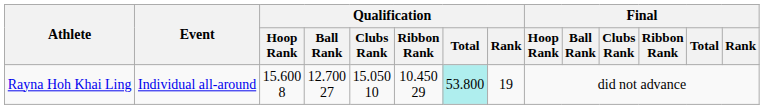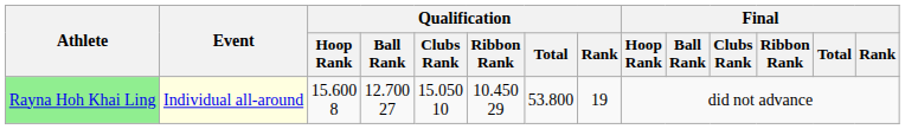 <table class=wikitable style="font-size:90%">
 <tr>
 <th rowspan=2>Athlete</th>
 <th rowspan=2>Event</th>
 <th colspan=6>Qualification</th>
 <th colspan=6>Final</th>
 </tr>
 <tr style="font-size:95%">
 <th>Hoop<br>Rank</th>
 <th>Ball<br>Rank</th>
 <th>Clubs<br>Rank</th>
 <th>Ribbon<br>Rank</th>
 <th>Total</th>
 <th>Rank</th>
 <th>Hoop<br>Rank</th>
 <th>Ball<br>Rank</th>
 <th>Clubs<br>Rank</th>
 <th>Ribbon<br>Rank</th>
 <th>Total</th>
 <th>Rank</th>
 </tr>
 <tr align=center>
-<td align=left><a href='#'>Rayna Hoh Khai Ling</a></td>
-<td align=left><a href='#'>Individual all-around</a></td>
+<td align=left style="background: lightgreen;"><a href='#'>Rayna Hoh Khai Ling</a></td>
+<td align=left style="background: lightyellow;"><a href='#'>Individual all-around</a></td>
 <td>15.600<br>8</td>
 <td>12.700<br>27</td>
 <td>15.050<br>10</td>
 <td>10.450<br>29</td>
-<td style="background: paleturquoise;">53.800</td>
+<td>53.800</td>
 <td>19</td>
 <td colspan=6>did not advance</td>
 </tr>
 </table>
